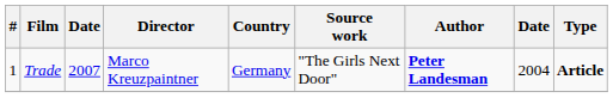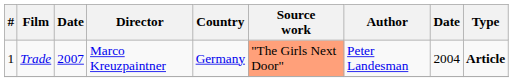 <table class="wikitable">
 <tr>
 <th>#</th>
 <th>Film</th>
 <th>Date</th>
 <th>Director</th>
 <th>Country</th>
 <th>Source<br>work</th>
 <th>Author</th>
 <th>Date</th>
 <th>Type</th>
 </tr>
 <tr>
 <td>1</td>
 <td><em><a href='#'>Trade</a></em></td>
 <td><a href='#'>2007</a></td>
 <td><a href='#'>Marco Kreuzpaintner</a></td>
 <td><a href='#'>Germany</a></td>
-<td>"The Girls Next Door"</td>
-<td><strong><a href='#'>Peter Landesman</a></strong></td>
+<td style="background: lightsalmon;">"The Girls Next Door"</td>
+<td><a href='#'>Peter Landesman</a></td>
 <td>2004</td>
 <td><strong>Article</strong></td>
 </tr>
 <tr>
 </tr>
 </table>
